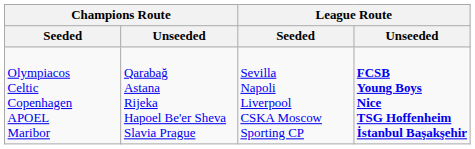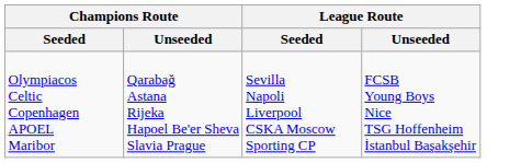 <table class="wikitable" style="font-size:80%">
 <tr>
 <th colspan=2>Champions Route</th>
 <th colspan=2>League Route</th>
 </tr>
 <tr>
 <th width=25%>Seeded</th>
 <th width=25%>Unseeded</th>
 <th width=25%>Seeded</th>
 <th width=25%>Unseeded</th>
 </tr>
 <tr>
 <td valign=top><br> <a href='#'>Olympiacos</a><br>  <a href='#'>Celtic</a><br>  <a href='#'>Copenhagen</a><br>  <a href='#'>APOEL</a><br>  <a href='#'>Maribor</a></td>
 <td valign=top><br> <a href='#'>Qarabağ</a><br>  <a href='#'>Astana</a><br>  <a href='#'>Rijeka</a><br>  <a href='#'>Hapoel Be'er Sheva</a><br>  <a href='#'>Slavia Prague</a></td>
 <td valign=top><br> <a href='#'>Sevilla</a><br>  <a href='#'>Napoli</a><br>  <a href='#'>Liverpool</a><br>  <a href='#'>CSKA Moscow</a><br>  <a href='#'>Sporting CP</a></td>
-<td valign=top><strong><br> <a href='#'>FCSB</a><br>  <a href='#'>Young Boys</a><br>  <a href='#'>Nice</a><br>  <a href='#'>TSG Hoffenheim</a><br>  <a href='#'>İstanbul Başakşehir</a></strong></td>
+<td valign=top><br> <a href='#'>FCSB</a><br>  <a href='#'>Young Boys</a><br>  <a href='#'>Nice</a><br>  <a href='#'>TSG Hoffenheim</a><br>  <a href='#'>İstanbul Başakşehir</a></td>
 </tr>
 </table>
